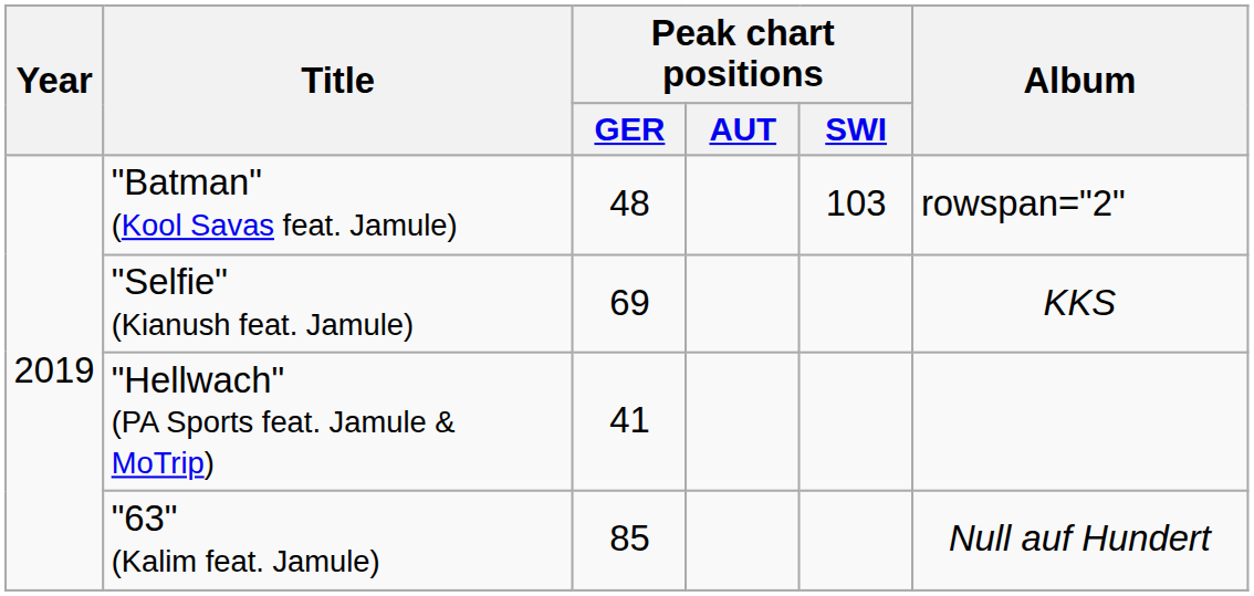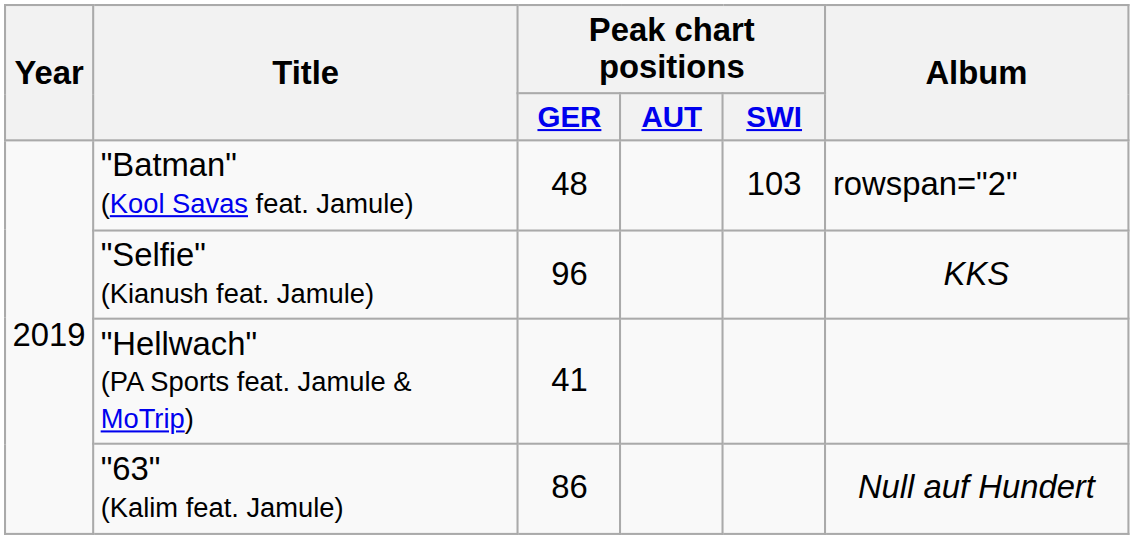 <table class="wikitable">
 <tr style="background: #eeeeee;">
 <th style="width: 20px;" rowspan="2">Year</th>
 <th style="width: 200px;" rowspan="2">Title</th>
 <th colspan="3">Peak chart positions</th>
 <th style="width: 140px;" rowspan="2">Album</th>
 </tr>
 <tr style="background: #eeeeee;">
 <th scope="col" style="width:3em;font-size:90%;"><a href='#'>GER</a><br></th>
 <th scope="col" style="width:3em;font-size:90%;"><a href='#'>AUT</a><br></th>
 <th scope="col" style="width:3em;font-size:90%;"><a href='#'>SWI</a><br></th>
 </tr>
 <tr>
 <td rowspan=4>2019</td>
 <td>"Batman" <br><small>(<a href='#'>Kool Savas</a> feat. Jamule)</small></td>
 <td align="center">48</td>
 <td align="center"></td>
 <td align="center">103</td>
 <td>rowspan="2" </td>
 </tr>
 <tr>
 <td>"Selfie" <br><small>(Kianush feat. Jamule)</small></td>
-<td align="center">69</td>
+<td align="center">96</td>
 <td align="center"></td>
 <td align="center"></td>
 <td align="center"><em>KKS</em></td>
 </tr>
 <tr>
 <td>"Hellwach" <br><small>(PA Sports feat. Jamule & <a href='#'>MoTrip</a>)</small></td>
 <td align="center">41</td>
 <td align="center"></td>
 <td align="center"></td>
 </tr>
 <tr>
 <td>"63" <br><small>(Kalim feat. Jamule)</small></td>
-<td align="center">85</td>
+<td align="center">86</td>
 <td align="center"></td>
 <td align="center"></td>
 <td align="center"><em>Null auf Hundert</em></td>
 </tr>
 </table>
